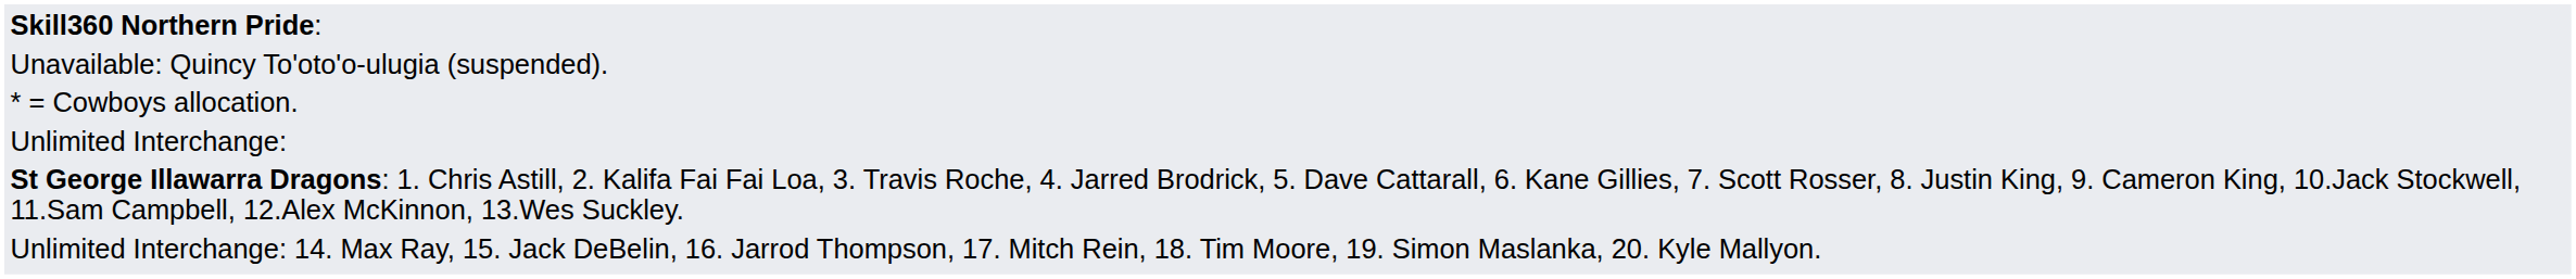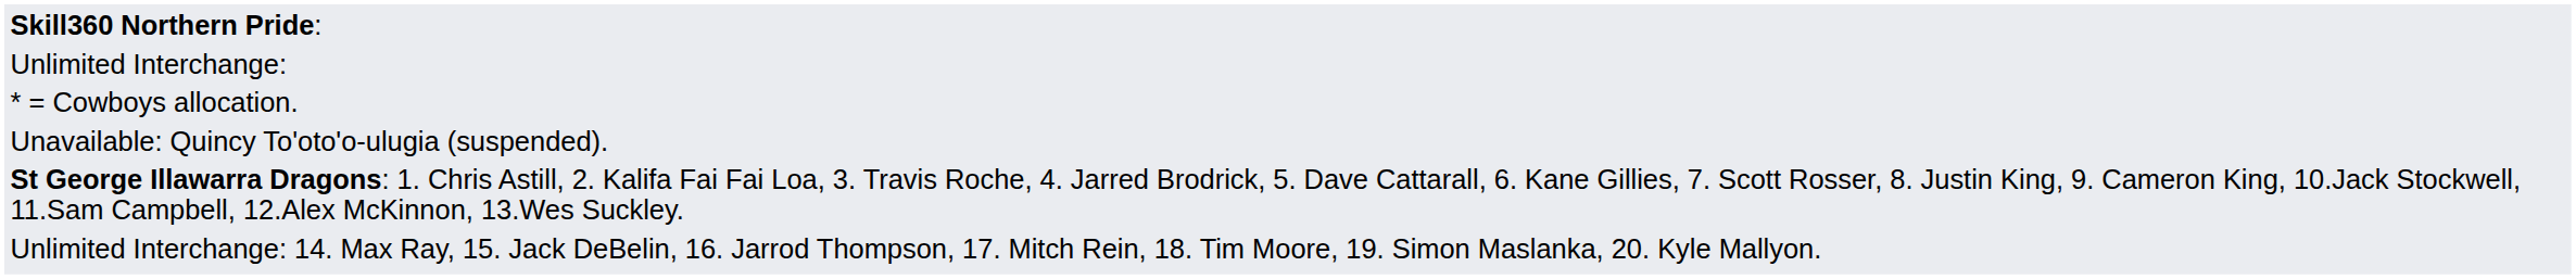 <table style="background:#eaecf0; font-size:85%; width:100%;">
 <tr>
 <td><strong>Skill360 Northern Pride</strong>:             </td>
 </tr>
 <tr>
-<td>Unavailable: Quincy To'oto'o-ulugia (suspended).</td>
+<td>Unlimited Interchange:         </td>
 </tr>
 <tr>
 <td>* = Cowboys allocation.</td>
 </tr>
 <tr>
-<td>Unlimited Interchange:         </td>
+<td>Unavailable: Quincy To'oto'o-ulugia (suspended).</td>
 </tr>
 <tr>
 <td><strong>St George Illawarra Dragons</strong>: 1. Chris Astill, 2. Kalifa Fai Fai Loa, 3. Travis Roche, 4. Jarred Brodrick, 5. Dave Cattarall, 6. Kane Gillies, 7. Scott Rosser, 8. Justin King, 9. Cameron King, 10.Jack Stockwell, 11.Sam Campbell, 12.Alex McKinnon, 13.Wes Suckley.</td>
 </tr>
 <tr>
 <td>Unlimited Interchange: 14. Max Ray, 15. Jack DeBelin, 16. Jarrod Thompson, 17. Mitch Rein, 18. Tim Moore, 19. Simon Maslanka, 20. Kyle Mallyon.</td>
 </tr>
 <tr>
 </tr>
 </table>
